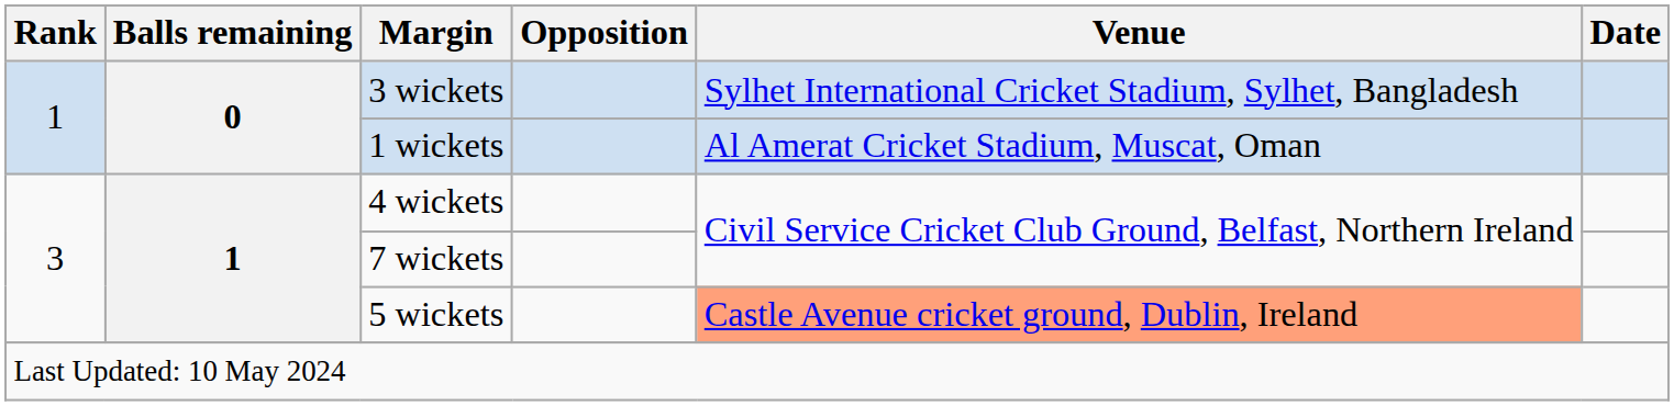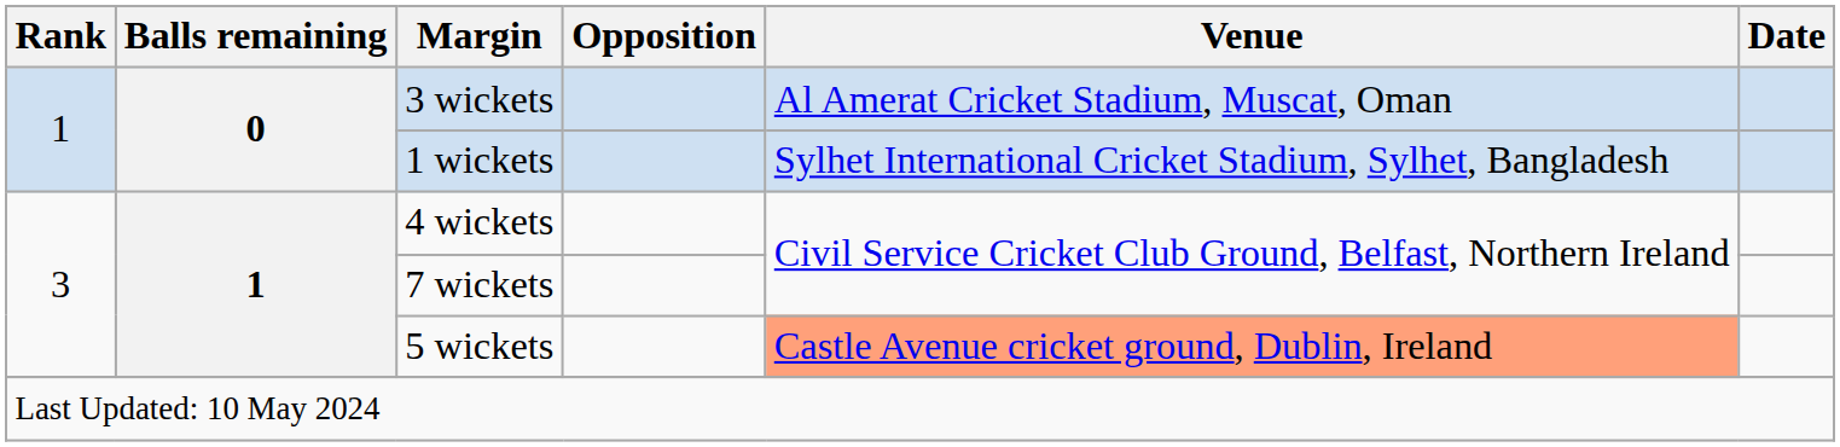 <table class="wikitable plainrowheaders sortable">
 <tr>
 <th scope=col>Rank</th>
 <th scope=col>Balls remaining</th>
 <th scope=col>Margin</th>
 <th scope=col>Opposition</th>
 <th scope=col>Venue</th>
 <th scope=col>Date</th>
 </tr>
 <tr bgcolor=#cee0f2>
 <td align=center rowspan=2>1</td>
 <th scope=row style=text-align:center rowspan=2>0</th>
 <td scope=row style=text-align:center;>3 wickets</td>
 <td></td>
-<td><a href='#'>Sylhet International Cricket Stadium</a>, <a href='#'>Sylhet</a>, Bangladesh</td>
+<td><a href='#'>Al Amerat Cricket Stadium</a>, <a href='#'>Muscat</a>, Oman</td>
 <td> </td>
 </tr>
 <tr bgcolor=#cee0f2>
 <td scope=row style=text-align:center;>1 wickets</td>
 <td></td>
-<td><a href='#'>Al Amerat Cricket Stadium</a>, <a href='#'>Muscat</a>, Oman</td>
+<td><a href='#'>Sylhet International Cricket Stadium</a>, <a href='#'>Sylhet</a>, Bangladesh</td>
 <td></td>
 </tr>
 <tr>
 <td align=center rowspan=3>3</td>
 <th scope=row style=text-align:center rowspan=3>1</th>
 <td scope=row style=text-align:center;>4 wickets</td>
 <td></td>
 <td rowspan=2><a href='#'>Civil Service Cricket Club Ground</a>, <a href='#'>Belfast</a>, Northern Ireland</td>
 <td></td>
 </tr>
 <tr>
 <td scope=row style=text-align:center;>7 wickets</td>
 <td></td>
 <td></td>
 </tr>
 <tr>
 <td scope=row style=text-align:center;>5 wickets</td>
 <td></td>
 <td style="background: lightsalmon;"><a href='#'>Castle Avenue cricket ground</a>, <a href='#'>Dublin</a>, Ireland</td>
 <td></td>
 </tr>
 <tr>
 </tr>
 <tr class=sortbottom>
 <td colspan=6><small>Last Updated: 10 May 2024</small></td>
 </tr>
 </table>
